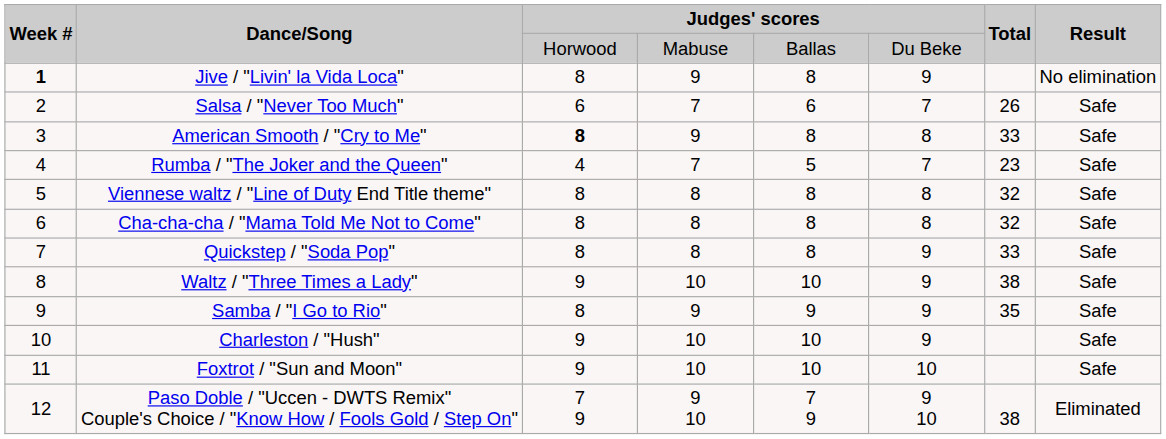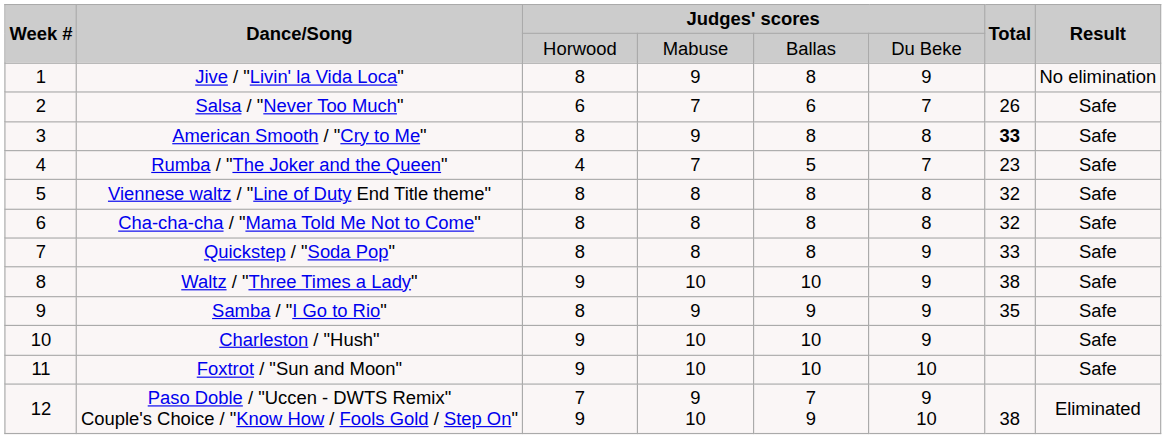 <table class="wikitable collapsible collapsed" style="margin:auto; text-align:center;">
 <tr style="text-align: center; background:#ccc;">
 <td rowspan="2"><strong>Week #</strong></td>
 <td rowspan="2"><strong>Dance/Song</strong></td>
 <td colspan="4"><strong>Judges' scores</strong></td>
 <td rowspan="2"><strong>Total</strong></td>
 <td rowspan="2"><strong>Result</strong></td>
 </tr>
 <tr style="text-align: center; background:#ccc;">
 <td style="width:10%; ">Horwood</td>
 <td style="width:10%; ">Mabuse</td>
 <td style="width:10%; ">Ballas</td>
 <td style="width:10%; ">Du Beke</td>
 </tr>
 <tr style="text-align: center; background:#faf6f6;">
-<td><strong>1</strong></td>
+<td>1</td>
 <td><a href='#'>Jive</a> / "<a href='#'>Livin' la Vida Loca</a>"</td>
 <td>8</td>
 <td>9</td>
 <td>8</td>
 <td>9</td>
 <td><strong></strong></td>
 <td>No elimination</td>
 </tr>
 <tr style="text-align: center; background:#faf6f6;">
 <td>2</td>
 <td><a href='#'>Salsa</a> / "<a href='#'>Never Too Much</a>"</td>
 <td>6</td>
 <td>7</td>
 <td>6</td>
 <td>7</td>
 <td>26</td>
 <td>Safe</td>
 </tr>
 <tr style="text-align: center; background:#faf6f6;">
 <td>3</td>
 <td><a href='#'>American Smooth</a> / "<a href='#'>Cry to Me</a>"</td>
-<td><strong>8</strong></td>
+<td>8</td>
 <td>9</td>
 <td>8</td>
 <td>8</td>
-<td>33</td>
+<td><strong>33</strong></td>
 <td>Safe</td>
 </tr>
 <tr style="text-align: center; background:#faf6f6;">
 <td>4</td>
 <td><a href='#'>Rumba</a> / "<a href='#'>The Joker and the Queen</a>"</td>
 <td>4</td>
 <td>7</td>
 <td>5</td>
 <td>7</td>
 <td>23</td>
 <td>Safe</td>
 </tr>
 <tr style="text-align: center; background:#faf6f6;">
 <td>5</td>
 <td><a href='#'>Viennese waltz</a> / "<a href='#'>Line of Duty</a> End Title theme"</td>
 <td>8</td>
 <td>8</td>
 <td>8</td>
 <td>8</td>
 <td>32</td>
 <td>Safe</td>
 </tr>
 <tr style="text-align: center; background:#faf6f6;">
 <td>6</td>
 <td><a href='#'>Cha-cha-cha</a> / "<a href='#'>Mama Told Me Not to Come</a>"</td>
 <td>8</td>
 <td>8</td>
 <td>8</td>
 <td>8</td>
 <td>32</td>
 <td>Safe</td>
 </tr>
 <tr style="text-align: center; background:#faf6f6;">
 <td>7</td>
 <td><a href='#'>Quickstep</a> / "<a href='#'>Soda Pop</a>"</td>
 <td>8</td>
 <td>8</td>
 <td>8</td>
 <td>9</td>
 <td>33</td>
 <td>Safe</td>
 </tr>
 <tr style="text-align: center; background:#faf6f6;">
 <td>8</td>
 <td><a href='#'>Waltz</a> / "<a href='#'>Three Times a Lady</a>"</td>
 <td>9</td>
 <td>10</td>
 <td>10</td>
 <td>9</td>
 <td>38</td>
 <td>Safe</td>
 </tr>
 <tr style="text-align: center; background:#faf6f6;">
 <td>9</td>
 <td><a href='#'>Samba</a> / "<a href='#'>I Go to Rio</a>"</td>
 <td>8</td>
 <td>9</td>
 <td>9</td>
 <td>9</td>
 <td>35</td>
 <td>Safe</td>
 </tr>
 <tr style="text-align: center; background:#faf6f6;">
 <td>10</td>
 <td><a href='#'>Charleston</a> / "Hush"</td>
 <td>9</td>
 <td>10</td>
 <td>10</td>
 <td>9</td>
 <td><strong></strong></td>
 <td>Safe</td>
 </tr>
 <tr style="text-align: center; background:#faf6f6;">
 <td>11</td>
 <td><a href='#'>Foxtrot</a> / "Sun and Moon"</td>
 <td>9</td>
 <td>10</td>
 <td>10</td>
 <td>10</td>
 <td><strong></strong></td>
 <td>Safe</td>
 </tr>
 <tr style="text-align: center; background:#faf6f6;">
 <td>12</td>
 <td><a href='#'>Paso Doble</a> / "Uccen - DWTS Remix"<br>Couple's Choice / "<a href='#'>Know How</a> / <a href='#'>Fools Gold</a> / <a href='#'>Step On</a>"</td>
 <td>7<br>9</td>
 <td>9<br>10</td>
 <td>7<br>9</td>
 <td>9<br>10</td>
 <td><em></em><br>38</td>
 <td>Eliminated</td>
 </tr>
 </table>
